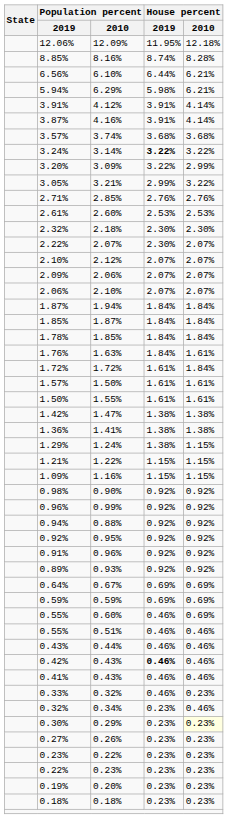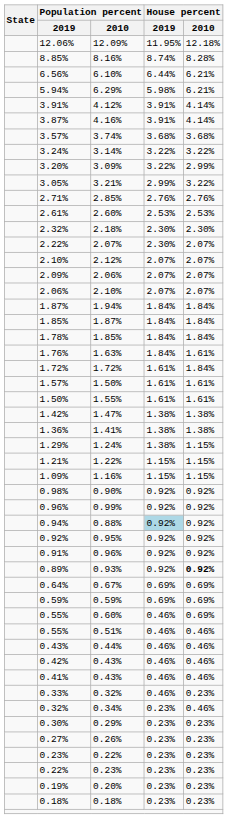 <table class="wikitable sortable mw-collapsible mw-collapsed" style="float:right">
 <tr>
 <th rowspan="2">State</th>
 <th colspan="2">Population percent</th>
 <th colspan="2">House percent</th>
 </tr>
 <tr style="vertical-align:bottom;">
 <th>2019</th>
 <th>2010</th>
 <th>2019</th>
 <th>2010</th>
 </tr>
 <tr>
 <td></td>
 <td>12.06%</td>
 <td>12.09%</td>
 <td>11.95%</td>
 <td>12.18%</td>
 </tr>
 <tr>
 <td></td>
 <td>8.85%</td>
 <td>8.16%</td>
 <td>8.74%</td>
 <td>8.28%</td>
 </tr>
 <tr>
 <td></td>
 <td>6.56%</td>
 <td>6.10%</td>
 <td>6.44%</td>
 <td>6.21%</td>
 </tr>
 <tr>
 <td></td>
 <td>5.94%</td>
 <td>6.29%</td>
 <td>5.98%</td>
 <td>6.21%</td>
 </tr>
 <tr>
 <td></td>
 <td>3.91%</td>
 <td>4.12%</td>
 <td>3.91%</td>
 <td>4.14%</td>
 </tr>
 <tr>
 <td></td>
 <td>3.87%</td>
 <td>4.16%</td>
 <td>3.91%</td>
 <td>4.14%</td>
 </tr>
 <tr>
 <td></td>
 <td>3.57%</td>
 <td>3.74%</td>
 <td>3.68%</td>
 <td>3.68%</td>
 </tr>
 <tr>
 <td></td>
 <td>3.24%</td>
 <td>3.14%</td>
-<td><strong>3.22%</strong></td>
+<td>3.22%</td>
 <td>3.22%</td>
 </tr>
 <tr>
 <td></td>
 <td>3.20%</td>
 <td>3.09%</td>
 <td>3.22%</td>
 <td>2.99%</td>
 </tr>
 <tr>
 <td></td>
 <td>3.05%</td>
 <td>3.21%</td>
 <td>2.99%</td>
 <td>3.22%</td>
 </tr>
 <tr>
 <td></td>
 <td>2.71%</td>
 <td>2.85%</td>
 <td>2.76%</td>
 <td>2.76%</td>
 </tr>
 <tr>
 <td></td>
 <td>2.61%</td>
 <td>2.60%</td>
 <td>2.53%</td>
 <td>2.53%</td>
 </tr>
 <tr>
 <td></td>
 <td>2.32%</td>
 <td>2.18%</td>
 <td>2.30%</td>
 <td>2.30%</td>
 </tr>
 <tr>
 <td></td>
 <td>2.22%</td>
 <td>2.07%</td>
 <td>2.30%</td>
 <td>2.07%</td>
 </tr>
 <tr>
 <td></td>
 <td>2.10%</td>
 <td>2.12%</td>
 <td>2.07%</td>
 <td>2.07%</td>
 </tr>
 <tr>
 <td></td>
 <td>2.09%</td>
 <td>2.06%</td>
 <td>2.07%</td>
 <td>2.07%</td>
 </tr>
 <tr>
 <td></td>
 <td>2.06%</td>
 <td>2.10%</td>
 <td>2.07%</td>
 <td>2.07%</td>
 </tr>
 <tr>
 <td></td>
 <td>1.87%</td>
 <td>1.94%</td>
 <td>1.84%</td>
 <td>1.84%</td>
 </tr>
 <tr>
 <td></td>
 <td>1.85%</td>
 <td>1.87%</td>
 <td>1.84%</td>
 <td>1.84%</td>
 </tr>
 <tr>
 <td></td>
 <td>1.78%</td>
 <td>1.85%</td>
 <td>1.84%</td>
 <td>1.84%</td>
 </tr>
 <tr>
 <td></td>
 <td>1.76%</td>
 <td>1.63%</td>
 <td>1.84%</td>
 <td>1.61%</td>
 </tr>
 <tr>
 <td></td>
 <td>1.72%</td>
 <td>1.72%</td>
 <td>1.61%</td>
 <td>1.84%</td>
 </tr>
 <tr>
 <td></td>
 <td>1.57%</td>
 <td>1.50%</td>
 <td>1.61%</td>
 <td>1.61%</td>
 </tr>
 <tr>
 <td></td>
 <td>1.50%</td>
 <td>1.55%</td>
 <td>1.61%</td>
 <td>1.61%</td>
 </tr>
 <tr>
 <td></td>
 <td>1.42%</td>
 <td>1.47%</td>
 <td>1.38%</td>
 <td>1.38%</td>
 </tr>
 <tr>
 <td></td>
 <td>1.36%</td>
 <td>1.41%</td>
 <td>1.38%</td>
 <td>1.38%</td>
 </tr>
 <tr>
 <td></td>
 <td>1.29%</td>
 <td>1.24%</td>
 <td>1.38%</td>
 <td>1.15%</td>
 </tr>
 <tr>
 <td></td>
 <td>1.21%</td>
 <td>1.22%</td>
 <td>1.15%</td>
 <td>1.15%</td>
 </tr>
 <tr>
 <td></td>
 <td>1.09%</td>
 <td>1.16%</td>
 <td>1.15%</td>
 <td>1.15%</td>
 </tr>
 <tr>
 <td></td>
 <td>0.98%</td>
 <td>0.90%</td>
 <td>0.92%</td>
 <td>0.92%</td>
 </tr>
 <tr>
 <td></td>
 <td>0.96%</td>
 <td>0.99%</td>
 <td>0.92%</td>
 <td>0.92%</td>
 </tr>
 <tr>
 <td></td>
 <td>0.94%</td>
 <td>0.88%</td>
-<td>0.92%</td>
+<td style="background: lightblue;">0.92%</td>
 <td>0.92%</td>
 </tr>
 <tr>
 <td></td>
 <td>0.92%</td>
 <td>0.95%</td>
 <td>0.92%</td>
 <td>0.92%</td>
 </tr>
 <tr>
 <td></td>
 <td>0.91%</td>
 <td>0.96%</td>
 <td>0.92%</td>
 <td>0.92%</td>
 </tr>
 <tr>
 <td></td>
 <td>0.89%</td>
 <td>0.93%</td>
 <td>0.92%</td>
-<td>0.92%</td>
+<td><strong>0.92%</strong></td>
 </tr>
 <tr>
 <td></td>
 <td>0.64%</td>
 <td>0.67%</td>
 <td>0.69%</td>
 <td>0.69%</td>
 </tr>
 <tr>
 <td></td>
 <td>0.59%</td>
 <td>0.59%</td>
 <td>0.69%</td>
 <td>0.69%</td>
 </tr>
 <tr>
 <td></td>
 <td>0.55%</td>
 <td>0.60%</td>
 <td>0.46%</td>
 <td>0.69%</td>
 </tr>
 <tr>
 <td></td>
 <td>0.55%</td>
 <td>0.51%</td>
 <td>0.46%</td>
 <td>0.46%</td>
 </tr>
 <tr>
 <td></td>
 <td>0.43%</td>
 <td>0.44%</td>
 <td>0.46%</td>
 <td>0.46%</td>
 </tr>
 <tr>
 <td></td>
 <td>0.42%</td>
 <td>0.43%</td>
-<td><strong>0.46%</strong></td>
+<td>0.46%</td>
 <td>0.46%</td>
 </tr>
 <tr>
 <td></td>
 <td>0.41%</td>
 <td>0.43%</td>
 <td>0.46%</td>
 <td>0.46%</td>
 </tr>
 <tr>
 <td></td>
 <td>0.33%</td>
 <td>0.32%</td>
 <td>0.46%</td>
 <td>0.23%</td>
 </tr>
 <tr>
 <td></td>
 <td>0.32%</td>
 <td>0.34%</td>
 <td>0.23%</td>
 <td>0.46%</td>
 </tr>
 <tr>
 <td></td>
 <td>0.30%</td>
 <td>0.29%</td>
 <td>0.23%</td>
-<td style="background: lightyellow;">0.23%</td>
+<td>0.23%</td>
 </tr>
 <tr>
 <td></td>
 <td>0.27%</td>
 <td>0.26%</td>
 <td>0.23%</td>
 <td>0.23%</td>
 </tr>
 <tr>
 <td></td>
 <td>0.23%</td>
 <td>0.22%</td>
 <td>0.23%</td>
 <td>0.23%</td>
 </tr>
 <tr>
 <td></td>
 <td>0.22%</td>
 <td>0.23%</td>
 <td>0.23%</td>
 <td>0.23%</td>
 </tr>
 <tr>
 <td></td>
 <td>0.19%</td>
 <td>0.20%</td>
 <td>0.23%</td>
 <td>0.23%</td>
 </tr>
 <tr>
 <td></td>
 <td>0.18%</td>
 <td>0.18%</td>
 <td>0.23%</td>
 <td>0.23%</td>
 </tr>
 <tr>
 <td colspan="5"></td>
 </tr>
 </table>
